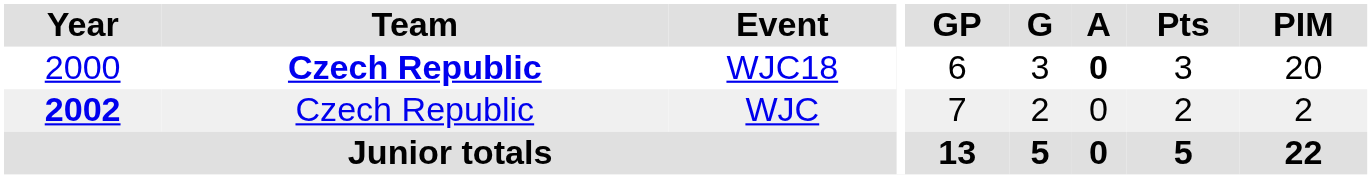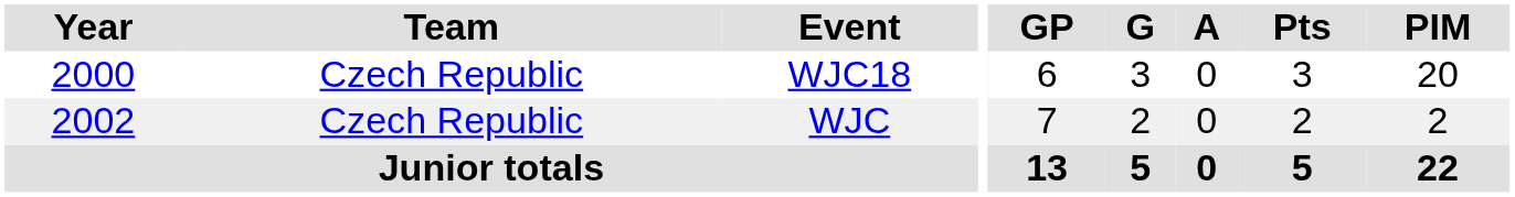 <table border="0" cellpadding="1" cellspacing="0" ID="Table3" style="text-align:center; width:40em">
 <tr ALIGN="center" bgcolor="#e0e0e0">
 <th>Year</th>
 <th>Team</th>
 <th>Event</th>
 <th rowspan="99" bgcolor="#ffffff"></th>
 <th>GP</th>
 <th>G</th>
 <th>A</th>
 <th>Pts</th>
 <th>PIM</th>
 </tr>
 <tr>
 <td><a href='#'>2000</a></td>
-<td><strong><a href='#'>Czech Republic</a></strong></td>
+<td><a href='#'>Czech Republic</a></td>
 <td><a href='#'>WJC18</a></td>
 <td>6</td>
 <td>3</td>
-<td><strong>0</strong></td>
+<td>0</td>
 <td>3</td>
 <td>20</td>
 </tr>
 <tr bgcolor="#f0f0f0">
-<td><strong><a href='#'>2002</a></strong></td>
+<td><a href='#'>2002</a></td>
 <td><a href='#'>Czech Republic</a></td>
 <td><a href='#'>WJC</a></td>
 <td>7</td>
 <td>2</td>
 <td>0</td>
 <td>2</td>
 <td>2</td>
 </tr>
 <tr bgcolor="#e0e0e0">
 <th colspan="3">Junior totals</th>
 <th>13</th>
 <th>5</th>
 <th>0</th>
 <th>5</th>
 <th>22</th>
 </tr>
 </table>
